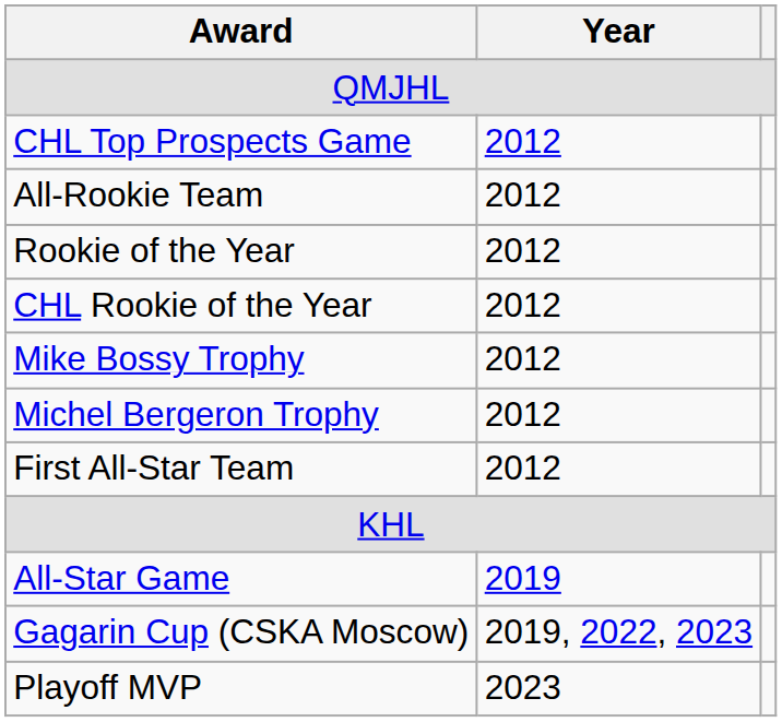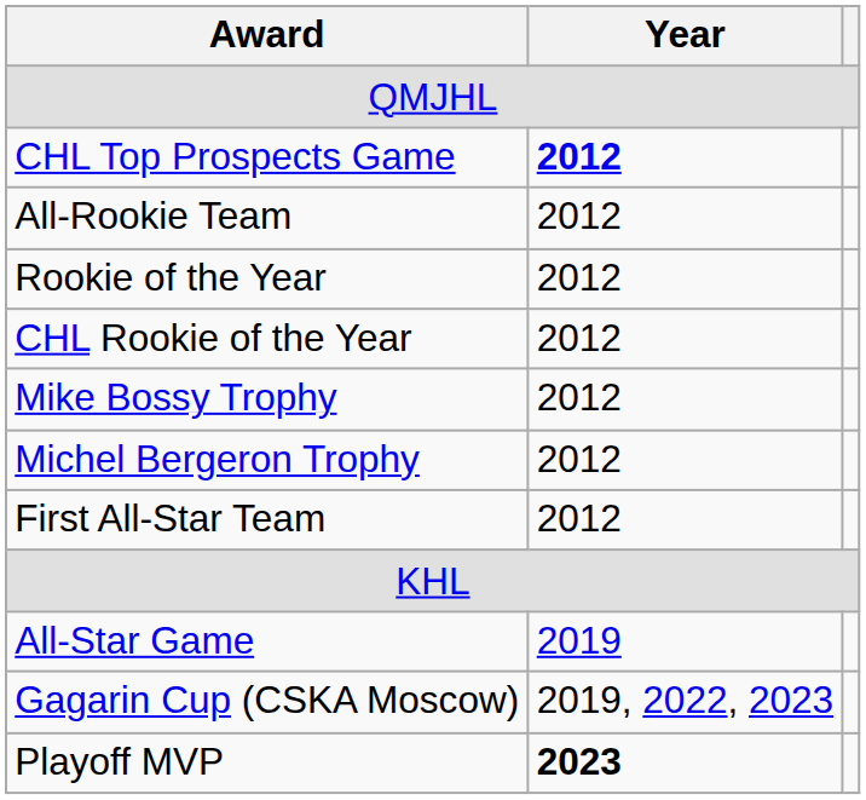 <table class="wikitable">
 <tr>
 <th>Award</th>
 <th>Year</th>
 <th></th>
 </tr>
 <tr ALIGN="center" bgcolor="#e0e0e0">
 <td colspan="3"><a href='#'>QMJHL</a></td>
 </tr>
 <tr>
 <td><a href='#'>CHL Top Prospects Game</a></td>
-<td><a href='#'>2012</a></td>
+<td><strong><a href='#'>2012</a></strong></td>
 <td></td>
 </tr>
 <tr>
 <td>All-Rookie Team</td>
 <td>2012</td>
 <td></td>
 </tr>
 <tr>
 <td>Rookie of the Year</td>
 <td>2012</td>
 <td></td>
 </tr>
 <tr>
 <td><a href='#'>CHL</a> Rookie of the Year</td>
 <td>2012</td>
 <td></td>
 </tr>
 <tr>
 <td><a href='#'>Mike Bossy Trophy</a></td>
 <td>2012</td>
 <td></td>
 </tr>
 <tr>
 <td><a href='#'>Michel Bergeron Trophy</a></td>
 <td>2012</td>
 <td></td>
 </tr>
 <tr>
 <td>First All-Star Team</td>
 <td>2012</td>
 <td></td>
 </tr>
 <tr ALIGN="center" bgcolor="#e0e0e0">
 <td colspan="3"><a href='#'>KHL</a></td>
 </tr>
 <tr>
 <td><a href='#'>All-Star Game</a></td>
 <td><a href='#'>2019</a></td>
 <td></td>
 </tr>
 <tr>
 <td><a href='#'>Gagarin Cup</a> (CSKA Moscow)</td>
 <td>2019, <a href='#'>2022</a>, <a href='#'>2023</a></td>
 <td></td>
 </tr>
 <tr>
 <td>Playoff MVP</td>
-<td>2023</td>
+<td><strong>2023</strong></td>
 <td></td>
 </tr>
 </table>
